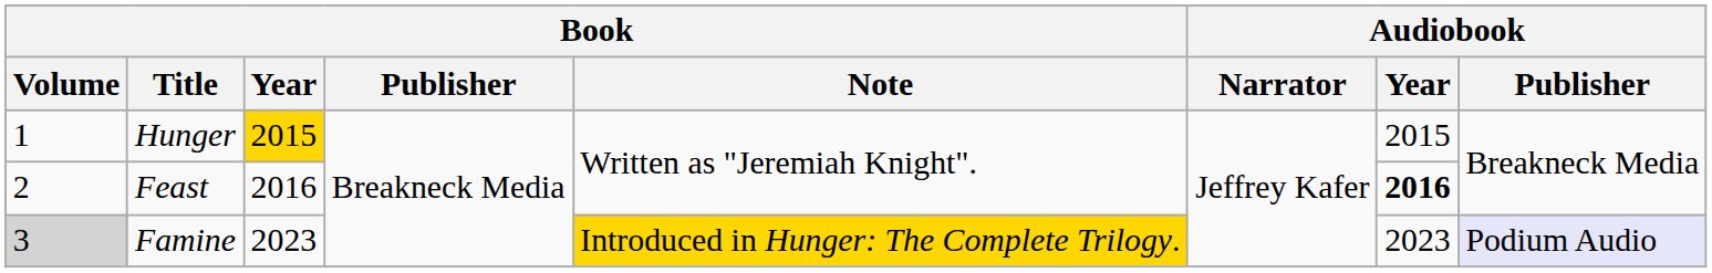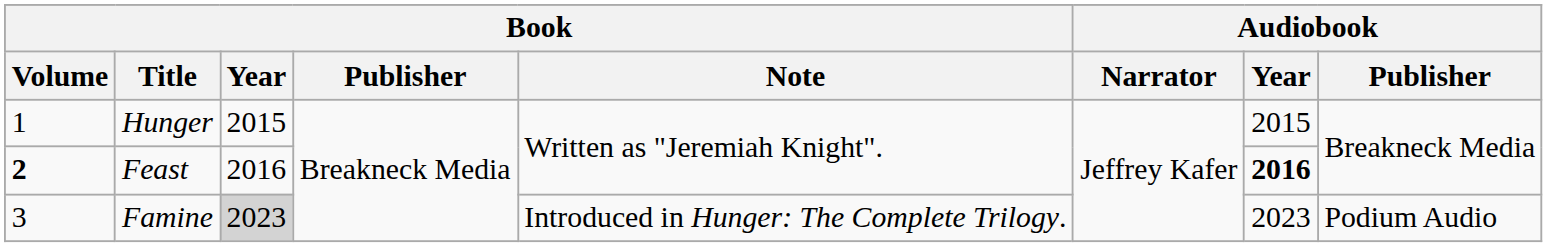 <table class="wikitable">
 <tr>
 <th colspan="5">Book</th>
 <th colspan="3">Audiobook</th>
 </tr>
 <tr>
 <th>Volume</th>
 <th>Title</th>
 <th>Year</th>
 <th>Publisher</th>
 <th>Note</th>
 <th>Narrator</th>
 <th>Year</th>
 <th>Publisher</th>
 </tr>
 <tr>
 <td>1</td>
 <td><em>Hunger</em></td>
-<td style="background: gold;">2015</td>
+<td>2015</td>
 <td rowspan="3">Breakneck Media</td>
 <td rowspan="2">Written as "Jeremiah Knight".</td>
 <td rowspan="3">Jeffrey Kafer</td>
 <td>2015</td>
 <td rowspan="2">Breakneck Media</td>
 </tr>
 <tr>
-<td>2</td>
+<td><strong>2</strong></td>
 <td><em>Feast</em></td>
 <td>2016</td>
 <td><strong>2016</strong></td>
 </tr>
 <tr>
-<td style="background: lightgrey;">3</td>
+<td>3</td>
 <td><em>Famine</em></td>
+<td style="background: lightgrey;">2023</td>
+<td>Introduced in <em>Hunger: The Complete Trilogy</em>.</td>
 <td>2023</td>
-<td style="background: gold;">Introduced in <em>Hunger: The Complete Trilogy</em>.</td>
-<td>2023</td>
-<td style="background: lavender;">Podium Audio</td>
+<td>Podium Audio</td>
 </tr>
 </table>
